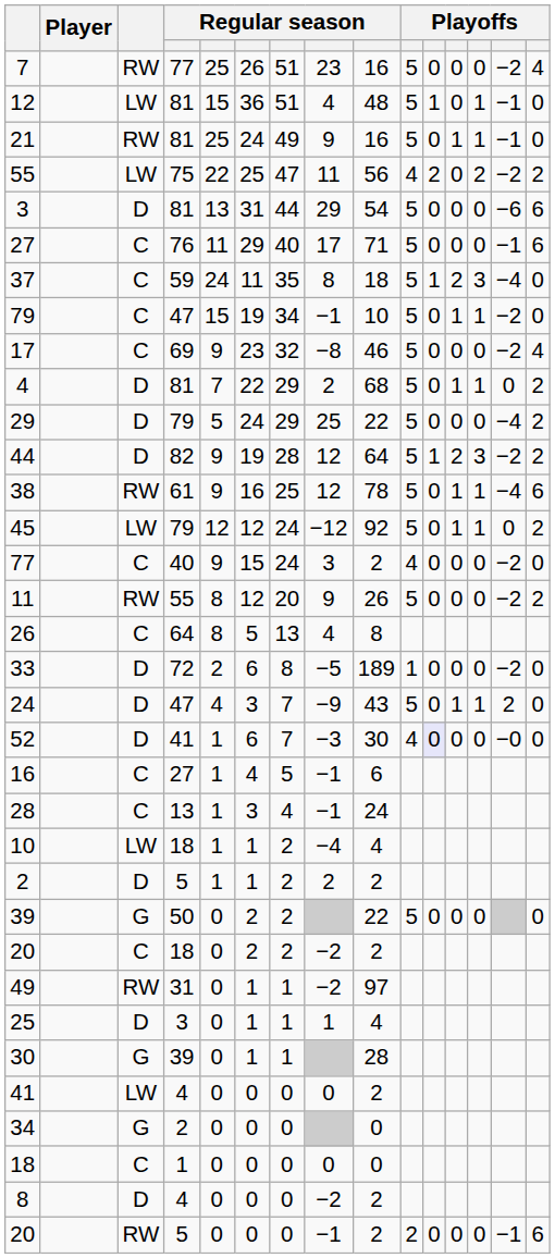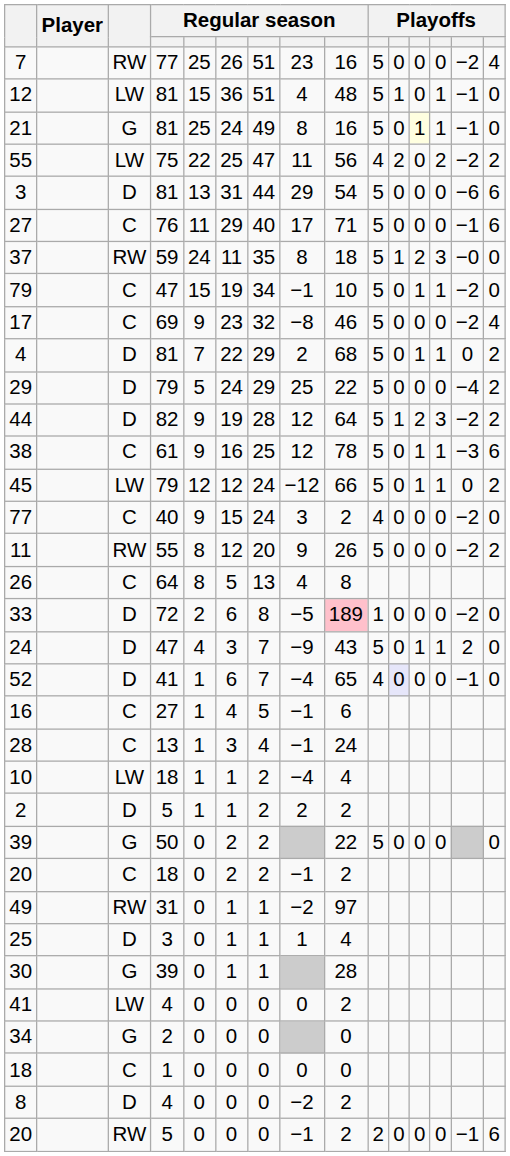 <table class="wikitable sortable plainrowheaders" style="text-align:center;">
 <tr>
 <th scope="col" data-sort-type="number" rowspan="2"></th>
 <th scope="col" rowspan="2">Player</th>
 <th scope="col" rowspan="2"></th>
 <th scope=colgroup colspan=6>Regular season</th>
 <th scope=colgroup colspan=6>Playoffs</th>
 </tr>
 <tr>
 <th scope="col" data-sort-type="number"></th>
 <th scope="col" data-sort-type="number"></th>
 <th scope="col" data-sort-type="number"></th>
 <th scope="col" data-sort-type="number"></th>
 <th scope="col" data-sort-type="number"></th>
 <th scope="col" data-sort-type="number"></th>
 <th scope="col" data-sort-type="number"></th>
 <th scope="col" data-sort-type="number"></th>
 <th scope="col" data-sort-type="number"></th>
 <th scope="col" data-sort-type="number"></th>
 <th scope="col" data-sort-type="number"></th>
 <th scope="col" data-sort-type="number"></th>
 </tr>
 <tr>
 <td scope="row">7</td>
 <td align="left"></td>
 <td>RW</td>
 <td>77</td>
 <td>25</td>
 <td>26</td>
 <td>51</td>
 <td>23</td>
 <td>16</td>
 <td>5</td>
 <td>0</td>
 <td>0</td>
 <td>0</td>
 <td>−2</td>
 <td>4</td>
 </tr>
 <tr>
 <td scope="row">12</td>
 <td align="left"></td>
 <td>LW</td>
 <td>81</td>
 <td>15</td>
 <td>36</td>
 <td>51</td>
 <td>4</td>
 <td>48</td>
 <td>5</td>
 <td>1</td>
 <td>0</td>
 <td>1</td>
 <td>−1</td>
 <td>0</td>
 </tr>
 <tr>
 <td scope="row">21</td>
 <td align="left"></td>
-<td>RW</td>
+<td>G</td>
 <td>81</td>
 <td>25</td>
 <td>24</td>
 <td>49</td>
-<td>9</td>
+<td>8</td>
 <td>16</td>
 <td>5</td>
 <td>0</td>
-<td>1</td>
+<td style="background: lightyellow;">1</td>
 <td>1</td>
 <td>−1</td>
 <td>0</td>
 </tr>
 <tr>
 <td scope="row">55</td>
 <td align="left"></td>
 <td>LW</td>
 <td>75</td>
 <td>22</td>
 <td>25</td>
 <td>47</td>
 <td>11</td>
 <td>56</td>
 <td>4</td>
 <td>2</td>
 <td>0</td>
 <td>2</td>
 <td>−2</td>
 <td>2</td>
 </tr>
 <tr>
 <td scope="row">3</td>
 <td align="left"></td>
 <td>D</td>
 <td>81</td>
 <td>13</td>
 <td>31</td>
 <td>44</td>
 <td>29</td>
 <td>54</td>
 <td>5</td>
 <td>0</td>
 <td>0</td>
 <td>0</td>
 <td>−6</td>
 <td>6</td>
 </tr>
 <tr>
 <td scope="row">27</td>
 <td align="left"></td>
 <td>C</td>
 <td>76</td>
 <td>11</td>
 <td>29</td>
 <td>40</td>
 <td>17</td>
 <td>71</td>
 <td>5</td>
 <td>0</td>
 <td>0</td>
 <td>0</td>
 <td>−1</td>
 <td>6</td>
 </tr>
 <tr>
 <td scope="row">37</td>
 <td align="left"></td>
-<td>C</td>
+<td>RW</td>
 <td>59</td>
 <td>24</td>
 <td>11</td>
 <td>35</td>
 <td>8</td>
 <td>18</td>
 <td>5</td>
 <td>1</td>
 <td>2</td>
 <td>3</td>
-<td>−4</td>
+<td>−0</td>
 <td>0</td>
 </tr>
 <tr>
 <td scope="row">79</td>
 <td align="left"></td>
 <td>C</td>
 <td>47</td>
 <td>15</td>
 <td>19</td>
 <td>34</td>
 <td>−1</td>
 <td>10</td>
 <td>5</td>
 <td>0</td>
 <td>1</td>
 <td>1</td>
 <td>−2</td>
 <td>0</td>
 </tr>
 <tr>
 <td scope="row">17</td>
 <td align="left"></td>
 <td>C</td>
 <td>69</td>
 <td>9</td>
 <td>23</td>
 <td>32</td>
 <td>−8</td>
 <td>46</td>
 <td>5</td>
 <td>0</td>
 <td>0</td>
 <td>0</td>
 <td>−2</td>
 <td>4</td>
 </tr>
 <tr>
 <td scope="row">4</td>
 <td align="left"></td>
 <td>D</td>
 <td>81</td>
 <td>7</td>
 <td>22</td>
 <td>29</td>
 <td>2</td>
 <td>68</td>
 <td>5</td>
 <td>0</td>
 <td>1</td>
 <td>1</td>
 <td>0</td>
 <td>2</td>
 </tr>
 <tr>
 <td scope="row">29</td>
 <td align="left"></td>
 <td>D</td>
 <td>79</td>
 <td>5</td>
 <td>24</td>
 <td>29</td>
 <td>25</td>
 <td>22</td>
 <td>5</td>
 <td>0</td>
 <td>0</td>
 <td>0</td>
 <td>−4</td>
 <td>2</td>
 </tr>
 <tr>
 <td scope="row">44</td>
 <td align="left"></td>
 <td>D</td>
 <td>82</td>
 <td>9</td>
 <td>19</td>
 <td>28</td>
 <td>12</td>
 <td>64</td>
 <td>5</td>
 <td>1</td>
 <td>2</td>
 <td>3</td>
 <td>−2</td>
 <td>2</td>
 </tr>
 <tr>
 <td scope="row">38</td>
 <td align="left"></td>
-<td>RW</td>
+<td>C</td>
 <td>61</td>
 <td>9</td>
 <td>16</td>
 <td>25</td>
 <td>12</td>
 <td>78</td>
 <td>5</td>
 <td>0</td>
 <td>1</td>
 <td>1</td>
-<td>−4</td>
+<td>−3</td>
 <td>6</td>
 </tr>
 <tr>
 <td scope="row">45</td>
 <td align="left"></td>
 <td>LW</td>
 <td>79</td>
 <td>12</td>
 <td>12</td>
 <td>24</td>
 <td>−12</td>
-<td>92</td>
+<td>66</td>
 <td>5</td>
 <td>0</td>
 <td>1</td>
 <td>1</td>
 <td>0</td>
 <td>2</td>
 </tr>
 <tr>
 <td scope="row">77</td>
 <td align="left"></td>
 <td>C</td>
 <td>40</td>
 <td>9</td>
 <td>15</td>
 <td>24</td>
 <td>3</td>
 <td>2</td>
 <td>4</td>
 <td>0</td>
 <td>0</td>
 <td>0</td>
 <td>−2</td>
 <td>0</td>
 </tr>
 <tr>
 <td scope="row">11</td>
 <td align="left"></td>
 <td>RW</td>
 <td>55</td>
 <td>8</td>
 <td>12</td>
 <td>20</td>
 <td>9</td>
 <td>26</td>
 <td>5</td>
 <td>0</td>
 <td>0</td>
 <td>0</td>
 <td>−2</td>
 <td>2</td>
 </tr>
 <tr>
 <td scope="row">26</td>
 <td align="left"></td>
 <td>C</td>
 <td>64</td>
 <td>8</td>
 <td>5</td>
 <td>13</td>
 <td>4</td>
 <td>8</td>
 <td></td>
 <td></td>
 <td></td>
 <td></td>
 <td></td>
 <td></td>
 </tr>
 <tr>
 <td scope="row">33</td>
 <td align="left"></td>
 <td>D</td>
 <td>72</td>
 <td>2</td>
 <td>6</td>
 <td>8</td>
 <td>−5</td>
-<td>189</td>
+<td style="background: pink;">189</td>
 <td>1</td>
 <td>0</td>
 <td>0</td>
 <td>0</td>
 <td>−2</td>
 <td>0</td>
 </tr>
 <tr>
 <td scope="row">24</td>
 <td align="left"></td>
 <td>D</td>
 <td>47</td>
 <td>4</td>
 <td>3</td>
 <td>7</td>
 <td>−9</td>
 <td>43</td>
 <td>5</td>
 <td>0</td>
 <td>1</td>
 <td>1</td>
 <td>2</td>
 <td>0</td>
 </tr>
 <tr>
 <td scope="row">52</td>
 <td align="left"></td>
 <td>D</td>
 <td>41</td>
 <td>1</td>
 <td>6</td>
 <td>7</td>
-<td>−3</td>
-<td>30</td>
+<td>−4</td>
+<td>65</td>
 <td>4</td>
 <td style="background: lavender;">0</td>
 <td>0</td>
 <td>0</td>
-<td>−0</td>
+<td>−1</td>
 <td>0</td>
 </tr>
 <tr>
 <td scope="row">16</td>
 <td align="left"></td>
 <td>C</td>
 <td>27</td>
 <td>1</td>
 <td>4</td>
 <td>5</td>
 <td>−1</td>
 <td>6</td>
 <td></td>
 <td></td>
 <td></td>
 <td></td>
 <td></td>
 <td></td>
 </tr>
 <tr>
 <td scope="row">28</td>
 <td align="left"></td>
 <td>C</td>
 <td>13</td>
 <td>1</td>
 <td>3</td>
 <td>4</td>
 <td>−1</td>
 <td>24</td>
 <td></td>
 <td></td>
 <td></td>
 <td></td>
 <td></td>
 <td></td>
 </tr>
 <tr>
 <td scope="row">10</td>
 <td align="left"></td>
 <td>LW</td>
 <td>18</td>
 <td>1</td>
 <td>1</td>
 <td>2</td>
 <td>−4</td>
 <td>4</td>
 <td></td>
 <td></td>
 <td></td>
 <td></td>
 <td></td>
 <td></td>
 </tr>
 <tr>
 <td scope="row">2</td>
 <td align="left"></td>
 <td>D</td>
 <td>5</td>
 <td>1</td>
 <td>1</td>
 <td>2</td>
 <td>2</td>
 <td>2</td>
 <td></td>
 <td></td>
 <td></td>
 <td></td>
 <td></td>
 <td></td>
 </tr>
 <tr>
 <td scope="row">39</td>
 <td align="left"></td>
 <td>G</td>
 <td>50</td>
 <td>0</td>
 <td>2</td>
 <td>2</td>
 <td style="background:#ccc"></td>
 <td>22</td>
 <td>5</td>
 <td>0</td>
 <td>0</td>
 <td>0</td>
 <td style="background:#ccc"></td>
 <td>0</td>
 </tr>
 <tr>
 <td scope="row">20</td>
 <td align="left"></td>
 <td>C</td>
 <td>18</td>
 <td>0</td>
 <td>2</td>
 <td>2</td>
-<td>−2</td>
+<td>−1</td>
 <td>2</td>
 <td></td>
 <td></td>
 <td></td>
 <td></td>
 <td></td>
 <td></td>
 </tr>
 <tr>
 <td scope="row">49</td>
 <td align="left"></td>
 <td>RW</td>
 <td>31</td>
 <td>0</td>
 <td>1</td>
 <td>1</td>
 <td>−2</td>
 <td>97</td>
 <td></td>
 <td></td>
 <td></td>
 <td></td>
 <td></td>
 <td></td>
 </tr>
 <tr>
 <td scope="row">25</td>
 <td align="left"></td>
 <td>D</td>
 <td>3</td>
 <td>0</td>
 <td>1</td>
 <td>1</td>
 <td>1</td>
 <td>4</td>
 <td></td>
 <td></td>
 <td></td>
 <td></td>
 <td></td>
 <td></td>
 </tr>
 <tr>
 <td scope="row">30</td>
 <td align="left"></td>
 <td>G</td>
 <td>39</td>
 <td>0</td>
 <td>1</td>
 <td>1</td>
 <td style="background:#ccc"></td>
 <td>28</td>
 <td></td>
 <td></td>
 <td></td>
 <td></td>
 <td></td>
 <td></td>
 </tr>
 <tr>
 <td scope="row">41</td>
 <td align="left"></td>
 <td>LW</td>
 <td>4</td>
 <td>0</td>
 <td>0</td>
 <td>0</td>
 <td>0</td>
 <td>2</td>
 <td></td>
 <td></td>
 <td></td>
 <td></td>
 <td></td>
 <td></td>
 </tr>
 <tr>
 <td scope="row">34</td>
 <td align="left"></td>
 <td>G</td>
 <td>2</td>
 <td>0</td>
 <td>0</td>
 <td>0</td>
 <td style="background:#ccc"></td>
 <td>0</td>
 <td></td>
 <td></td>
 <td></td>
 <td></td>
 <td></td>
 <td></td>
 </tr>
 <tr>
 <td scope="row">18</td>
 <td align="left"></td>
 <td>C</td>
 <td>1</td>
 <td>0</td>
 <td>0</td>
 <td>0</td>
 <td>0</td>
 <td>0</td>
 <td></td>
 <td></td>
 <td></td>
 <td></td>
 <td></td>
 <td></td>
 </tr>
 <tr>
 <td scope="row">8</td>
 <td align="left"></td>
 <td>D</td>
 <td>4</td>
 <td>0</td>
 <td>0</td>
 <td>0</td>
 <td>−2</td>
 <td>2</td>
 <td></td>
 <td></td>
 <td></td>
 <td></td>
 <td></td>
 <td></td>
 </tr>
 <tr>
 <td scope="row">20</td>
 <td align="left"></td>
 <td>RW</td>
 <td>5</td>
 <td>0</td>
 <td>0</td>
 <td>0</td>
 <td>−1</td>
 <td>2</td>
 <td>2</td>
 <td>0</td>
 <td>0</td>
 <td>0</td>
 <td>−1</td>
 <td>6</td>
 </tr>
 </table>
